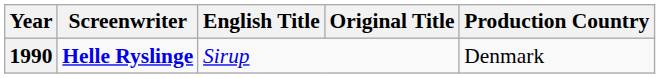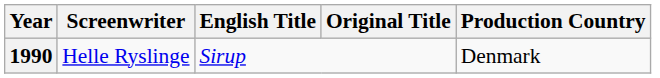 <table class="wikitable">
 <tr>
 <th>Year</th>
 <th>Screenwriter</th>
 <th>English Title</th>
 <th>Original Title</th>
 <th>Production Country</th>
 </tr>
 <tr>
 <th>1990</th>
-<td><strong><a href='#'>Helle Ryslinge</a></strong></td>
+<td><a href='#'>Helle Ryslinge</a></td>
 <td colspan="2"><em><a href='#'>Sirup</a></em></td>
 <td>Denmark</td>
 </tr>
 </table>
